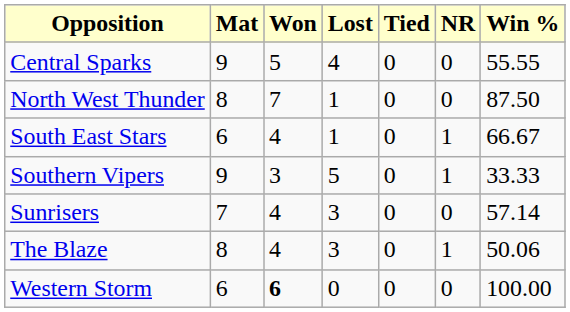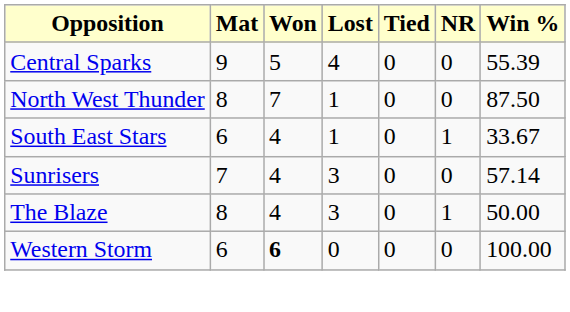 <table class="wikitable sortable">
 <tr>
 <th style="background:#ffc;">Opposition</th>
 <th style="background:#ffc;">Mat</th>
 <th style="background:#ffc;">Won</th>
 <th style="background:#ffc;">Lost</th>
 <th style="background:#ffc;">Tied</th>
 <th style="background:#ffc;">NR</th>
 <th style="background:#ffc;">Win %</th>
 </tr>
 <tr>
 <td><a href='#'>Central Sparks</a></td>
 <td>9</td>
 <td>5</td>
 <td>4</td>
 <td>0</td>
 <td>0</td>
-<td>55.55</td>
+<td>55.39</td>
 </tr>
 <tr>
 <td><a href='#'>North West Thunder</a></td>
 <td>8</td>
 <td>7</td>
 <td>1</td>
 <td>0</td>
 <td>0</td>
 <td>87.50</td>
 </tr>
 <tr>
 <td><a href='#'>South East Stars</a></td>
 <td>6</td>
 <td>4</td>
 <td>1</td>
 <td>0</td>
 <td>1</td>
-<td>66.67</td>
-</tr>
-<tr>
-<td><a href='#'>Southern Vipers</a></td>
-<td>9</td>
-<td>3</td>
-<td>5</td>
-<td>0</td>
-<td>1</td>
-<td>33.33</td>
+<td>33.67</td>
 </tr>
 <tr>
 <td><a href='#'>Sunrisers</a></td>
 <td>7</td>
 <td>4</td>
 <td>3</td>
 <td>0</td>
 <td>0</td>
 <td>57.14</td>
 </tr>
 <tr>
 <td><a href='#'>The Blaze</a></td>
 <td>8</td>
 <td>4</td>
 <td>3</td>
 <td>0</td>
 <td>1</td>
-<td>50.06</td>
+<td>50.00</td>
 </tr>
 <tr>
 <td><a href='#'>Western Storm</a></td>
 <td>6</td>
 <td><strong>6</strong></td>
 <td>0</td>
 <td>0</td>
 <td>0</td>
 <td>100.00</td>
 </tr>
 </table>
